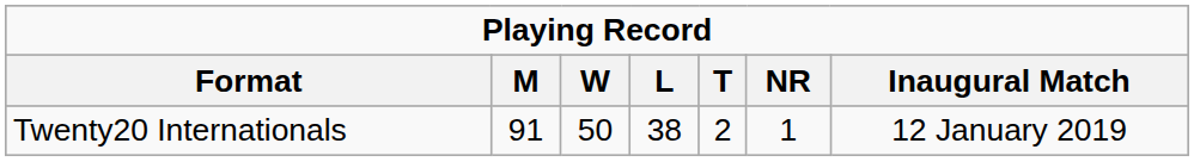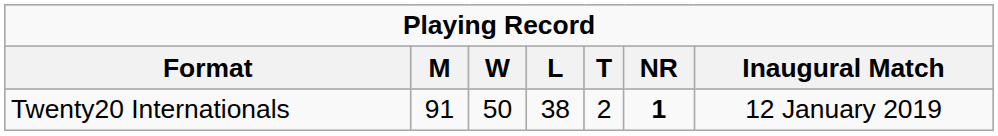 <table class="wikitable" style="text-align: center; width: 600px;">
 <tr>
 <td colspan=7 align="center"><strong>Playing Record</strong></td>
 </tr>
 <tr>
 <th>Format</th>
 <th>M</th>
 <th>W</th>
 <th>L</th>
 <th>T</th>
 <th>NR</th>
 <th>Inaugural Match</th>
 </tr>
 <tr>
 <td align="left">Twenty20 Internationals</td>
 <td>91</td>
 <td>50</td>
 <td>38</td>
 <td>2</td>
-<td>1</td>
+<td><strong>1</strong></td>
 <td>12 January 2019</td>
 </tr>
 </table>
